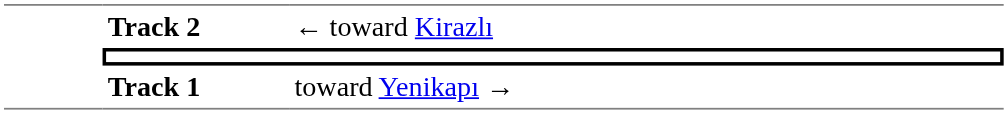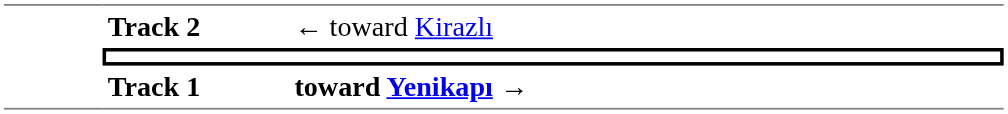 <table table border=0 cellspacing=0 cellpadding=3>
 <tr>
 <td style="border-top:solid 1px gray;border-bottom:solid 1px gray;" width=50 rowspan=3 valign=top></td>
 <td style="border-top:solid 1px gray;" width=100><strong>Track 2</strong></td>
 <td style="border-top:solid 1px gray;" width=400>←  toward <a href='#'>Kirazlı</a></td>
 </tr>
 <tr>
 <td style="border-top:solid 2px black;border-right:solid 2px black;border-left:solid 2px black;border-bottom:solid 2px black;text-align:center;" colspan=2></td>
 </tr>
 <tr>
 <td style="border-bottom:solid 1px gray;"><strong>Track 1</strong></td>
-<td style="border-bottom:solid 1px gray;"> toward <a href='#'>Yenikapı</a> →</td>
+<td style="border-bottom:solid 1px gray;"><strong> toward <a href='#'>Yenikapı</a> →</strong></td>
 </tr>
 </table>
